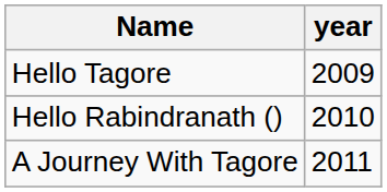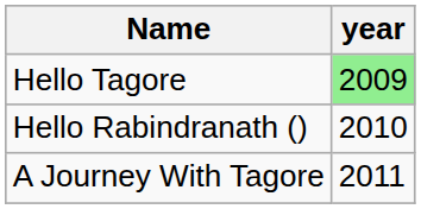 <table class="wikitable">
 <tr>
 <th>Name</th>
 <th>year</th>
 </tr>
 <tr>
 <td>Hello Tagore</td>
-<td>2009</td>
+<td style="background: lightgreen;">2009</td>
 </tr>
 <tr>
 <td>Hello Rabindranath  ()</td>
 <td>2010</td>
 </tr>
 <tr>
 <td>A Journey With Tagore</td>
 <td>2011</td>
 </tr>
 </table>
